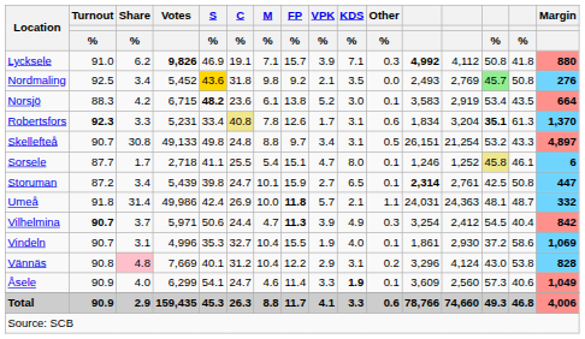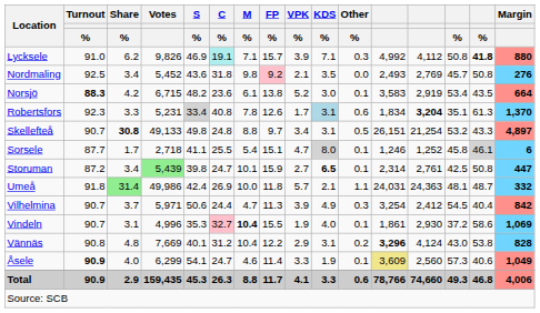 <table class="wikitable sortable" style="text-align:right; font-size:95%; line-height:20px;">
 <tr>
 <th rowspan="3">Location</th>
 <th>Turnout</th>
 <th>Share</th>
 <th>Votes</th>
 <th width="30px" class="unsortable"><a href='#'>S</a></th>
 <th width="30px" class="unsortable"><a href='#'>C</a></th>
 <th width="30px" class="unsortable"><a href='#'>M</a></th>
 <th width="30px" class="unsortable"><a href='#'>FP</a></th>
 <th width="30px" class="unsortable"><a href='#'>VPK</a></th>
 <th width="30px" class="unsortable"><a href='#'>KDS</a></th>
 <th width="30px" class="unsortable">Other</th>
 <th></th>
 <th></th>
 <th></th>
 <th></th>
 <th>Margin</th>
 </tr>
 <tr>
 <th></th>
 <th></th>
 <th></th>
 <th style="background:"></th>
 <th style="background:"></th>
 <th style="background:"></th>
 <th style="background:"></th>
 <th style="background:"></th>
 <th style="background:"></th>
 <th style="background:"></th>
 <th style="background:"></th>
 <th style="background:"></th>
 <th style="background:"></th>
 <th style="background:"></th>
 <th></th>
 </tr>
 <tr>
 <th data-sort-type="number">%</th>
 <th data-sort-type="number">%</th>
 <th></th>
 <th data-sort-type="number">%</th>
 <th data-sort-type="number">%</th>
 <th data-sort-type="number">%</th>
 <th data-sort-type="number">%</th>
 <th data-sort-type="number">%</th>
 <th data-sort-type="number">%</th>
 <th data-sort-type="number">%</th>
 <th data-sort-type="number"></th>
 <th data-sort-type="number"></th>
 <th data-sort-type="number">%</th>
 <th data-sort-type="number">%</th>
 <th data-sort-type="number"></th>
 </tr>
 <tr>
 <td align=left><a href='#'>Lycksele</a></td>
 <td>91.0</td>
 <td>6.2</td>
-<td><strong>9,826</strong></td>
+<td>9,826</td>
 <td>46.9</td>
-<td>19.1</td>
+<td style="background: paleturquoise;">19.1</td>
 <td>7.1</td>
 <td>15.7</td>
 <td>3.9</td>
 <td>7.1</td>
 <td>0.3</td>
-<td><strong>4,992</strong></td>
+<td>4,992</td>
 <td>4,112</td>
 <td>50.8</td>
-<td>41.8</td>
+<td><strong>41.8</strong></td>
 <td bgcolor=#ff908c><strong>880</strong></td>
 </tr>
 <tr>
 <td align=left><a href='#'>Nordmaling</a></td>
 <td>92.5</td>
 <td>3.4</td>
 <td>5,452</td>
-<td style="background: gold;">43.6</td>
+<td>43.6</td>
 <td>31.8</td>
 <td>9.8</td>
-<td>9.2</td>
+<td style="background: pink;">9.2</td>
 <td>2.1</td>
 <td>3.5</td>
 <td>0.0</td>
 <td>2,493</td>
 <td>2,769</td>
-<td style="background: lightgreen;">45.7</td>
+<td>45.7</td>
 <td>50.8</td>
 <td bgcolor=#6fd5fe><strong>276</strong></td>
 </tr>
 <tr>
 <td align=left><a href='#'>Norsjö</a></td>
-<td>88.3</td>
+<td><strong>88.3</strong></td>
 <td>4.2</td>
 <td>6,715</td>
-<td><strong>48.2</strong></td>
+<td>48.2</td>
 <td>23.6</td>
 <td>6.1</td>
 <td>13.8</td>
 <td>5.2</td>
 <td>3.0</td>
 <td>0.1</td>
 <td>3,583</td>
 <td>2,919</td>
 <td>53.4</td>
 <td>43.5</td>
 <td bgcolor=#ff908c><strong>664</strong></td>
 </tr>
 <tr>
 <td align=left><a href='#'>Robertsfors</a></td>
-<td><strong>92.3</strong></td>
+<td>92.3</td>
 <td>3.3</td>
 <td>5,231</td>
-<td>33.4</td>
-<td style="background: khaki;">40.8</td>
+<td style="background: lightgrey;">33.4</td>
+<td>40.8</td>
 <td>7.8</td>
 <td>12.6</td>
 <td>1.7</td>
-<td>3.1</td>
+<td style="background: lightblue;">3.1</td>
 <td>0.6</td>
 <td>1,834</td>
-<td>3,204</td>
-<td><strong>35.1</strong></td>
+<td><strong>3,204</strong></td>
+<td>35.1</td>
 <td>61.3</td>
 <td bgcolor=#6fd5fe><strong>1,370</strong></td>
 </tr>
 <tr>
 <td align=left><a href='#'>Skellefteå</a></td>
 <td>90.7</td>
-<td>30.8</td>
+<td><strong>30.8</strong></td>
 <td>49,133</td>
 <td>49.8</td>
 <td>24.8</td>
 <td>8.8</td>
 <td>9.7</td>
 <td>3.4</td>
 <td>3.1</td>
 <td>0.5</td>
 <td>26,151</td>
 <td>21,254</td>
 <td>53.2</td>
 <td>43.3</td>
 <td bgcolor=#ff908c><strong>4,897</strong></td>
 </tr>
 <tr>
 <td align=left><a href='#'>Sorsele</a></td>
 <td>87.7</td>
 <td>1.7</td>
 <td>2,718</td>
 <td>41.1</td>
 <td>25.5</td>
 <td>5.4</td>
 <td>15.1</td>
 <td>4.7</td>
-<td>8.0</td>
+<td style="background: lightgrey;">8.0</td>
 <td>0.1</td>
 <td>1,246</td>
 <td>1,252</td>
-<td style="background: khaki;">45.8</td>
-<td>46.1</td>
+<td>45.8</td>
+<td style="background: lightgrey;">46.1</td>
 <td bgcolor=#6fd5fe><strong>6</strong></td>
 </tr>
 <tr>
 <td align=left><a href='#'>Storuman</a></td>
 <td>87.2</td>
 <td>3.4</td>
-<td>5,439</td>
+<td style="background: lightgreen;">5,439</td>
 <td>39.8</td>
 <td>24.7</td>
 <td>10.1</td>
 <td>15.9</td>
 <td>2.7</td>
-<td>6.5</td>
+<td><strong>6.5</strong></td>
 <td>0.1</td>
-<td><strong>2,314</strong></td>
+<td>2,314</td>
 <td>2,761</td>
 <td>42.5</td>
 <td>50.8</td>
 <td bgcolor=#6fd5fe><strong>447</strong></td>
 </tr>
 <tr>
 <td align=left><a href='#'>Umeå</a></td>
 <td>91.8</td>
-<td>31.4</td>
+<td style="background: lightgreen;">31.4</td>
 <td>49,986</td>
 <td>42.4</td>
 <td>26.9</td>
 <td>10.0</td>
-<td><strong>11.8</strong></td>
+<td>11.8</td>
 <td>5.7</td>
 <td>2.1</td>
 <td>1.1</td>
 <td>24,031</td>
 <td>24,363</td>
 <td>48.1</td>
 <td>48.7</td>
 <td bgcolor=#6fd5fe><strong>332</strong></td>
 </tr>
 <tr>
 <td align=left><a href='#'>Vilhelmina</a></td>
-<td><strong>90.7</strong></td>
+<td>90.7</td>
 <td>3.7</td>
 <td>5,971</td>
 <td>50.6</td>
 <td>24.4</td>
 <td>4.7</td>
-<td><strong>11.3</strong></td>
+<td>11.3</td>
 <td>3.9</td>
 <td>4.9</td>
 <td>0.3</td>
 <td>3,254</td>
 <td>2,412</td>
 <td>54.5</td>
 <td>40.4</td>
 <td bgcolor=#ff908c><strong>842</strong></td>
 </tr>
 <tr>
 <td align=left><a href='#'>Vindeln</a></td>
 <td>90.7</td>
 <td>3.1</td>
 <td>4,996</td>
 <td>35.3</td>
-<td>32.7</td>
-<td>10.4</td>
+<td style="background: pink;">32.7</td>
+<td><strong>10.4</strong></td>
 <td>15.5</td>
 <td>1.9</td>
 <td>4.0</td>
 <td>0.1</td>
 <td>1,861</td>
 <td>2,930</td>
 <td>37.2</td>
 <td>58.6</td>
 <td bgcolor=#6fd5fe><strong>1,069</strong></td>
 </tr>
 <tr>
 <td align=left><a href='#'>Vännäs</a></td>
 <td>90.8</td>
-<td style="background: pink;">4.8</td>
+<td>4.8</td>
 <td>7,669</td>
 <td>40.1</td>
 <td>31.2</td>
 <td>10.4</td>
 <td>12.2</td>
 <td>2.9</td>
 <td>3.1</td>
 <td>0.2</td>
-<td>3,296</td>
+<td><strong>3,296</strong></td>
 <td>4,124</td>
 <td>43.0</td>
 <td>53.8</td>
 <td bgcolor=#6fd5fe><strong>828</strong></td>
 </tr>
 <tr>
 <td align=left><a href='#'>Åsele</a></td>
-<td>90.9</td>
+<td><strong>90.9</strong></td>
 <td>4.0</td>
 <td>6,299</td>
 <td>54.1</td>
 <td>24.7</td>
 <td>4.6</td>
 <td>11.4</td>
 <td>3.3</td>
-<td><strong>1.9</strong></td>
+<td>1.9</td>
 <td>0.1</td>
-<td>3,609</td>
+<td style="background: khaki;">3,609</td>
 <td>2,560</td>
 <td>57.3</td>
 <td>40.6</td>
 <td bgcolor=#ff908c><strong>1,049</strong></td>
 </tr>
 <tr>
 </tr>
 <tr style="background:#CDCDCD;">
 <td align=left><strong>Total</strong></td>
 <td><strong>90.9</strong></td>
 <td><strong>2.9</strong></td>
 <td><strong>159,435</strong></td>
 <td><strong>45.3</strong></td>
 <td><strong>26.3</strong></td>
 <td><strong>8.8</strong></td>
 <td><strong>11.7</strong></td>
 <td><strong>4.1</strong></td>
 <td><strong>3.3</strong></td>
 <td><strong>0.6</strong></td>
 <td><strong>78,766</strong></td>
 <td><strong>74,660</strong></td>
 <td><strong>49.3</strong></td>
 <td><strong>46.8</strong></td>
 <td bgcolor=#ff908c><strong>4,006</strong></td>
 </tr>
 <tr>
 <td align=left colspan=16>Source: SCB </td>
 </tr>
 </table>
